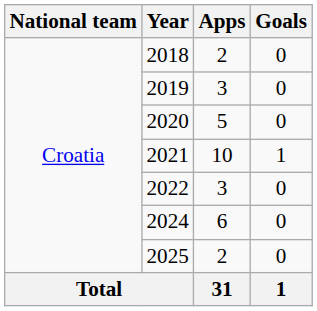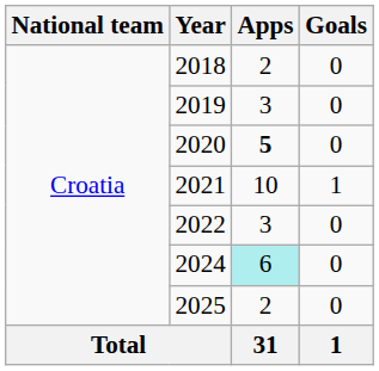 <table class="wikitable" style="text-align:center">
 <tr>
 <th>National team</th>
 <th>Year</th>
 <th>Apps</th>
 <th>Goals</th>
 </tr>
 <tr>
 <td rowspan="7"><a href='#'>Croatia</a></td>
 <td>2018</td>
 <td>2</td>
 <td>0</td>
 </tr>
 <tr>
 <td>2019</td>
 <td>3</td>
 <td>0</td>
 </tr>
 <tr>
 <td>2020</td>
-<td>5</td>
+<td><strong>5</strong></td>
 <td>0</td>
 </tr>
 <tr>
 <td>2021</td>
 <td>10</td>
 <td>1</td>
 </tr>
 <tr>
 <td>2022</td>
 <td>3</td>
 <td>0</td>
 </tr>
 <tr>
 <td>2024</td>
-<td>6</td>
+<td style="background: paleturquoise;">6</td>
 <td>0</td>
 </tr>
 <tr>
 <td>2025</td>
 <td>2</td>
 <td>0</td>
 </tr>
 <tr>
 <th colspan="2">Total</th>
 <th>31</th>
 <th>1</th>
 </tr>
 </table>
